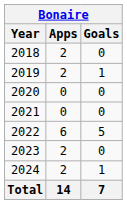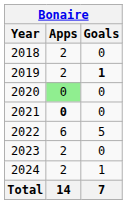 <table class="wikitable" style="text-align:center">
 <tr>
 <th colspan=3><a href='#'>Bonaire</a></th>
 </tr>
 <tr>
 <th>Year</th>
 <th>Apps</th>
 <th>Goals</th>
 </tr>
 <tr>
 <td>2018</td>
 <td>2</td>
 <td>0</td>
 </tr>
 <tr>
 <td>2019</td>
 <td>2</td>
-<td>1</td>
+<td><strong>1</strong></td>
 </tr>
 <tr>
 <td>2020</td>
-<td>0</td>
+<td style="background: lightgreen;">0</td>
 <td>0</td>
 </tr>
 <tr>
 <td>2021</td>
-<td>0</td>
+<td><strong>0</strong></td>
 <td>0</td>
 </tr>
 <tr>
 <td>2022</td>
 <td>6</td>
 <td>5</td>
 </tr>
 <tr>
 <td>2023</td>
 <td>2</td>
 <td>0</td>
 </tr>
 <tr>
 <td>2024</td>
 <td>2</td>
 <td>1</td>
 </tr>
 <tr>
 <th>Total</th>
 <th>14</th>
 <th>7</th>
 </tr>
 </table>
